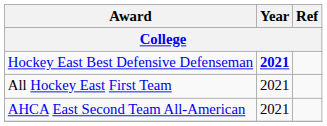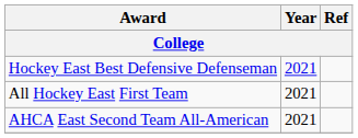 <table class="wikitable">
 <tr>
 <th>Award</th>
 <th>Year</th>
 <th>Ref</th>
 </tr>
 <tr ALIGN="center" bgcolor="#e0e0e0">
 <th colspan="3"><a href='#'>College</a></th>
 </tr>
 <tr>
 <td><a href='#'>Hockey East Best Defensive Defenseman</a></td>
-<td><strong><a href='#'>2021</a></strong></td>
+<td><a href='#'>2021</a></td>
 <td></td>
 </tr>
 <tr>
 <td>All <a href='#'>Hockey East</a> <a href='#'>First Team</a></td>
 <td>2021</td>
 <td></td>
 </tr>
 <tr>
 <td><a href='#'>AHCA</a> <a href='#'>East Second Team All-American</a></td>
 <td>2021</td>
 <td></td>
 </tr>
 <tr>
 </tr>
 </table>
